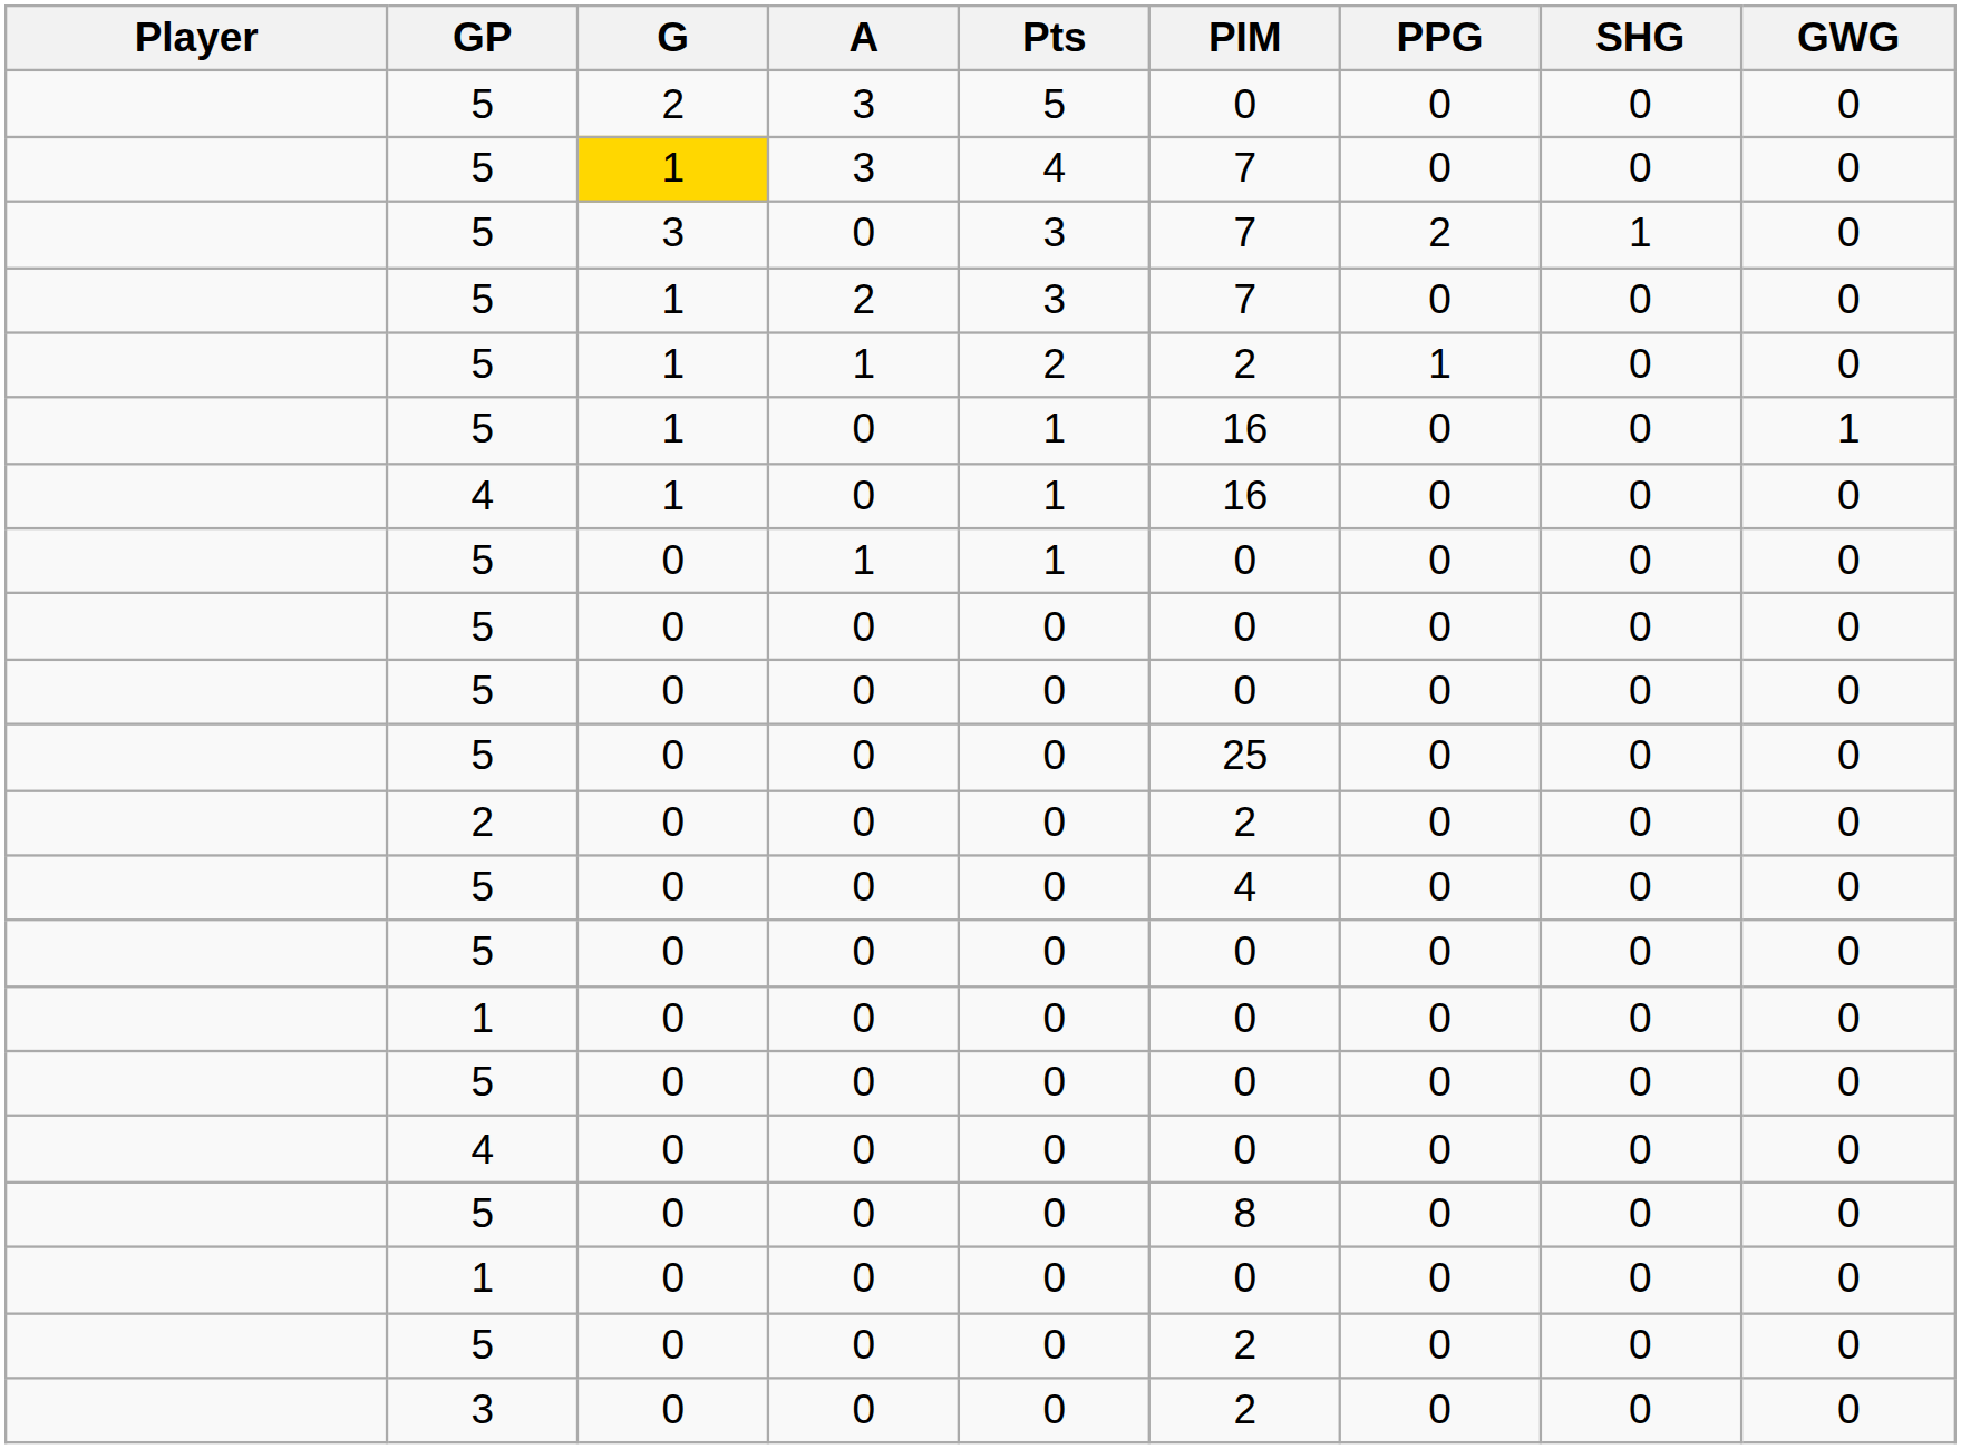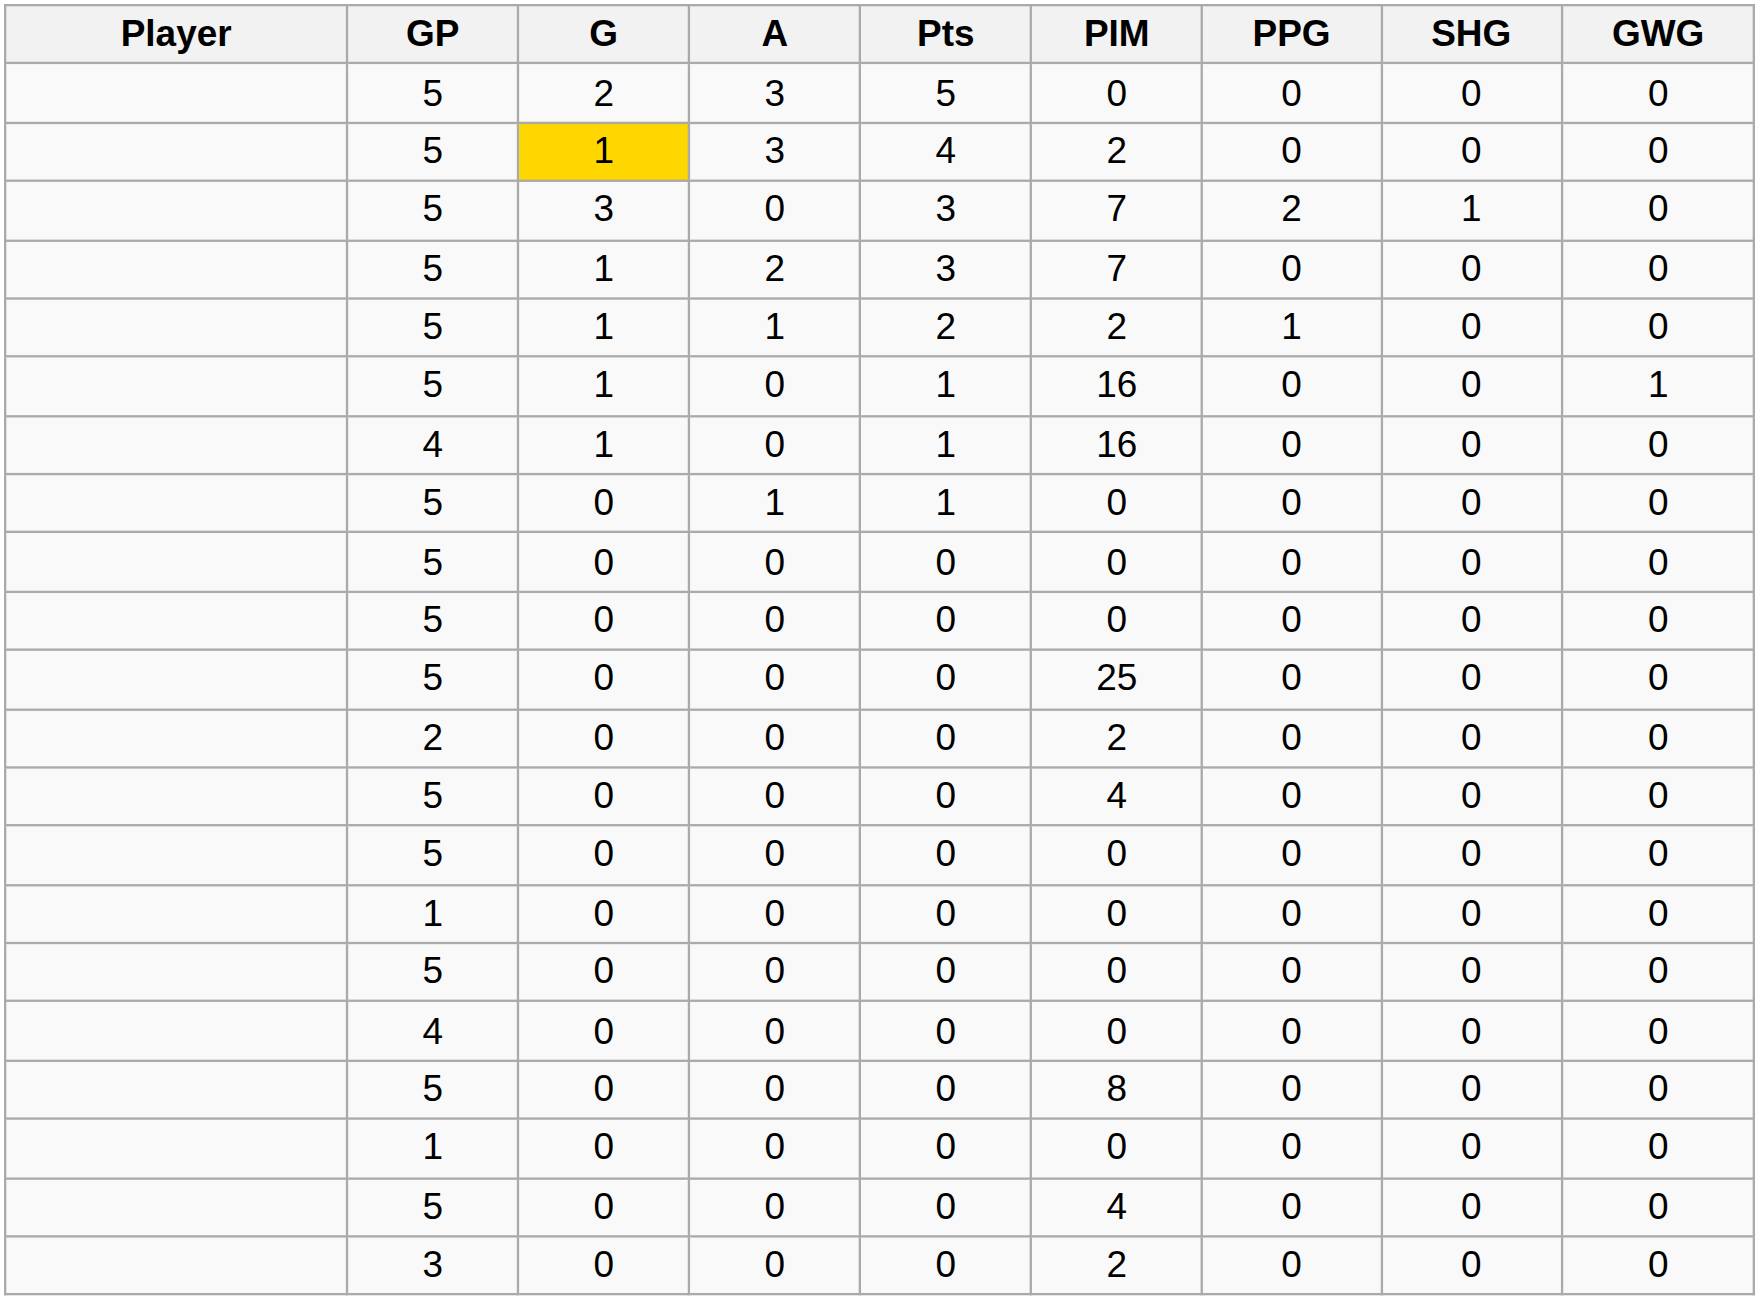 <table class="wikitable sortable" width="60%">
 <tr ALIGN="center">
 <th bgcolor="#DDDDFF" width="10%">Player</th>
 <th bgcolor="#DDDDFF" width="5%" title="Games played">GP</th>
 <th bgcolor="#DDDDFF" width="5%" title="Goals">G</th>
 <th bgcolor="#DDDDFF" width="5%" title="Assists">A</th>
 <th bgcolor="#DDDDFF" width="5%" title="Points">Pts</th>
 <th bgcolor="#DDDDFF" width="5%" title="Penalties in Minutes">PIM</th>
 <th bgcolor="#DDDDFF" width="5%" title="Power Play Goals">PPG</th>
 <th bgcolor="#DDDDFF" width="5%" title="Short-handed Goals">SHG</th>
 <th bgcolor="#DDDDFF" width="5%" title="Game-winning Goals">GWG</th>
 </tr>
 <tr align="center">
 <td align="right"></td>
 <td>5</td>
 <td>2</td>
 <td>3</td>
 <td>5</td>
 <td>0</td>
 <td>0</td>
 <td>0</td>
 <td>0</td>
 </tr>
 <tr align="center">
 <td align="right"></td>
 <td>5</td>
 <td style="background: gold;">1</td>
 <td>3</td>
 <td>4</td>
-<td>7</td>
+<td>2</td>
 <td>0</td>
 <td>0</td>
 <td>0</td>
 </tr>
 <tr align="center">
 <td align="right"></td>
 <td>5</td>
 <td>3</td>
 <td>0</td>
 <td>3</td>
 <td>7</td>
 <td>2</td>
 <td>1</td>
 <td>0</td>
 </tr>
 <tr align="center">
 <td align="right"></td>
 <td>5</td>
 <td>1</td>
 <td>2</td>
 <td>3</td>
 <td>7</td>
 <td>0</td>
 <td>0</td>
 <td>0</td>
 </tr>
 <tr align="center">
 <td align="right"></td>
 <td>5</td>
 <td>1</td>
 <td>1</td>
 <td>2</td>
 <td>2</td>
 <td>1</td>
 <td>0</td>
 <td>0</td>
 </tr>
 <tr align="center">
 <td align="right"></td>
 <td>5</td>
 <td>1</td>
 <td>0</td>
 <td>1</td>
 <td>16</td>
 <td>0</td>
 <td>0</td>
 <td>1</td>
 </tr>
 <tr align="center">
 <td align="right"></td>
 <td>4</td>
 <td>1</td>
 <td>0</td>
 <td>1</td>
 <td>16</td>
 <td>0</td>
 <td>0</td>
 <td>0</td>
 </tr>
 <tr align="center">
 <td align="right"></td>
 <td>5</td>
 <td>0</td>
 <td>1</td>
 <td>1</td>
 <td>0</td>
 <td>0</td>
 <td>0</td>
 <td>0</td>
 </tr>
 <tr align="center">
 <td align="right"></td>
 <td>5</td>
 <td>0</td>
 <td>0</td>
 <td>0</td>
 <td>0</td>
 <td>0</td>
 <td>0</td>
 <td>0</td>
 </tr>
 <tr align="center">
 <td align="right"></td>
 <td>5</td>
 <td>0</td>
 <td>0</td>
 <td>0</td>
 <td>0</td>
 <td>0</td>
 <td>0</td>
 <td>0</td>
 </tr>
 <tr align="center">
 <td align="right"></td>
 <td>5</td>
 <td>0</td>
 <td>0</td>
 <td>0</td>
 <td>25</td>
 <td>0</td>
 <td>0</td>
 <td>0</td>
 </tr>
 <tr align="center">
 <td align="right"></td>
 <td>2</td>
 <td>0</td>
 <td>0</td>
 <td>0</td>
 <td>2</td>
 <td>0</td>
 <td>0</td>
 <td>0</td>
 </tr>
 <tr align="center">
 <td align="right"></td>
 <td>5</td>
 <td>0</td>
 <td>0</td>
 <td>0</td>
 <td>4</td>
 <td>0</td>
 <td>0</td>
 <td>0</td>
 </tr>
 <tr align="center">
 <td align="right"></td>
 <td>5</td>
 <td>0</td>
 <td>0</td>
 <td>0</td>
 <td>0</td>
 <td>0</td>
 <td>0</td>
 <td>0</td>
 </tr>
 <tr align="center">
 <td align="right"></td>
 <td>1</td>
 <td>0</td>
 <td>0</td>
 <td>0</td>
 <td>0</td>
 <td>0</td>
 <td>0</td>
 <td>0</td>
 </tr>
 <tr align="center">
 <td align="right"></td>
 <td>5</td>
 <td>0</td>
 <td>0</td>
 <td>0</td>
 <td>0</td>
 <td>0</td>
 <td>0</td>
 <td>0</td>
 </tr>
 <tr align="center">
 <td align="right"></td>
 <td>4</td>
 <td>0</td>
 <td>0</td>
 <td>0</td>
 <td>0</td>
 <td>0</td>
 <td>0</td>
 <td>0</td>
 </tr>
 <tr align="center">
 <td align="right"></td>
 <td>5</td>
 <td>0</td>
 <td>0</td>
 <td>0</td>
 <td>8</td>
 <td>0</td>
 <td>0</td>
 <td>0</td>
 </tr>
 <tr align="center">
 <td align="right"></td>
 <td>1</td>
 <td>0</td>
 <td>0</td>
 <td>0</td>
 <td>0</td>
 <td>0</td>
 <td>0</td>
 <td>0</td>
 </tr>
 <tr align="center">
 <td align="right"></td>
 <td>5</td>
 <td>0</td>
 <td>0</td>
 <td>0</td>
-<td>2</td>
+<td>4</td>
 <td>0</td>
 <td>0</td>
 <td>0</td>
 </tr>
 <tr align="center">
 <td align="right"></td>
 <td>3</td>
 <td>0</td>
 <td>0</td>
 <td>0</td>
 <td>2</td>
 <td>0</td>
 <td>0</td>
 <td>0</td>
 </tr>
 </table>
